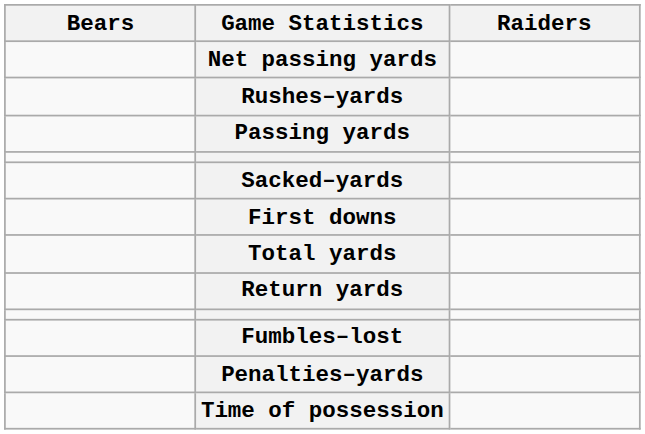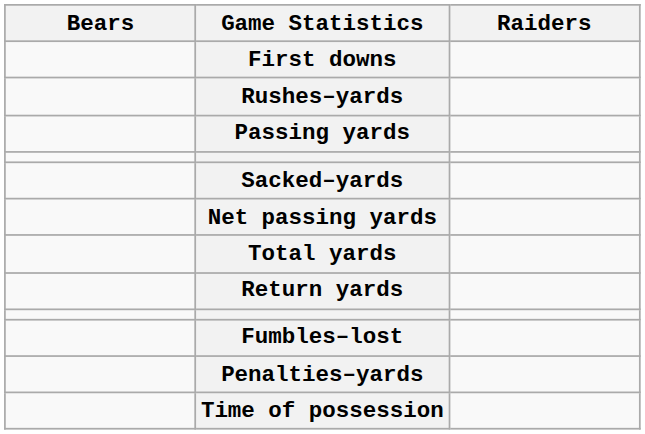 <table class="wikitable" style="margin: 1em auto 1em auto">
 <tr>
 <th style="width:30%;">Bears</th>
 <th style="width:40%;">Game Statistics</th>
 <th style="width:30%;">Raiders</th>
 </tr>
 <tr>
 <td style="text-align:right;"></td>
-<th>Net passing yards</th>
+<th>First downs</th>
 <td></td>
 </tr>
 <tr>
 <td style="text-align:right;"></td>
 <th>Rushes–yards</th>
 <td></td>
 </tr>
 <tr>
 <td style="text-align:right;"></td>
 <th>Passing yards</th>
 <td></td>
 </tr>
 <tr>
 <td style="text-align:right;"></td>
 <th></th>
 <td></td>
 </tr>
 <tr>
 <td style="text-align:right;"></td>
 <th>Sacked–yards</th>
 <td></td>
 </tr>
 <tr>
 <td style="text-align:right;"></td>
-<th>First downs</th>
+<th>Net passing yards</th>
 <td></td>
 </tr>
 <tr>
 <td style="text-align:right;"></td>
 <th>Total yards</th>
 <td></td>
 </tr>
 <tr>
 <td style="text-align:right;"></td>
 <th>Return yards</th>
 <td></td>
 </tr>
 <tr>
 <td style="text-align:right;"></td>
 <th></th>
 <td></td>
 </tr>
 <tr>
 <td style="text-align:right;"></td>
 <th>Fumbles–lost</th>
 <td></td>
 </tr>
 <tr>
 <td style="text-align:right;"></td>
 <th>Penalties–yards</th>
 <td></td>
 </tr>
 <tr>
 <td style="text-align:right;"></td>
 <th>Time of possession</th>
 <td></td>
 </tr>
 </table>
